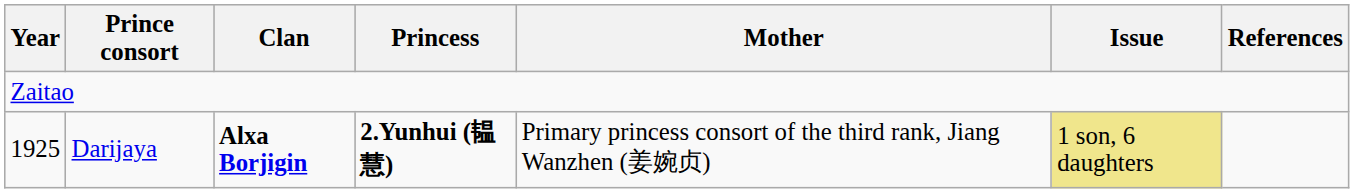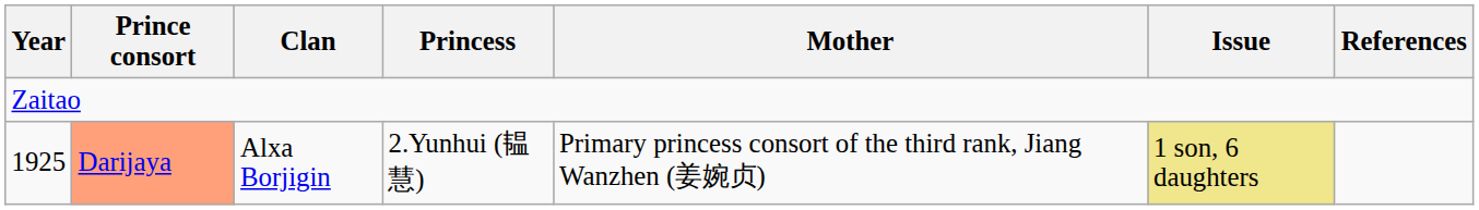 <table class="wikitable">
 <tr>
 <th>Year</th>
 <th>Prince consort</th>
 <th>Clan</th>
 <th>Princess</th>
 <th>Mother</th>
 <th>Issue</th>
 <th>References</th>
 </tr>
 <tr>
 <td colspan="7"><a href='#'>Zaitao</a></td>
 </tr>
 <tr>
 <td>1925</td>
-<td><a href='#'>Darijaya</a></td>
-<td><strong>Alxa <a href='#'>Borjigin</a></strong></td>
-<td><strong>2.Yunhui (韫慧)</strong></td>
+<td style="background: lightsalmon;"><a href='#'>Darijaya</a></td>
+<td>Alxa <a href='#'>Borjigin</a></td>
+<td>2.Yunhui (韫慧)</td>
 <td>Primary princess consort of the third rank, Jiang Wanzhen (姜婉贞)</td>
 <td style="background: khaki;">1 son, 6 daughters</td>
 <td></td>
 </tr>
 </table>
